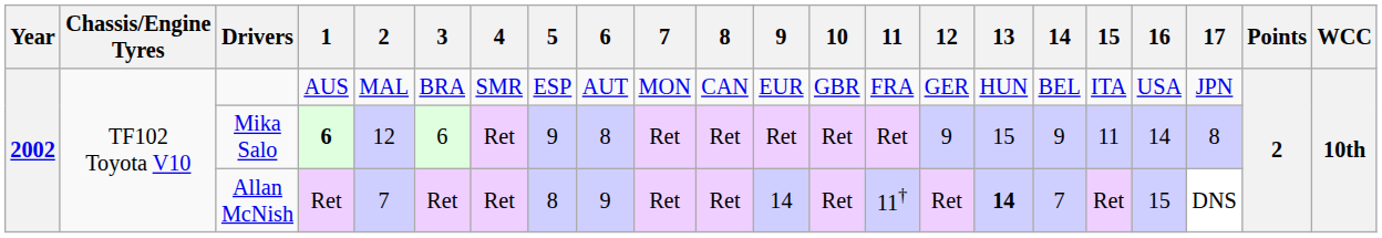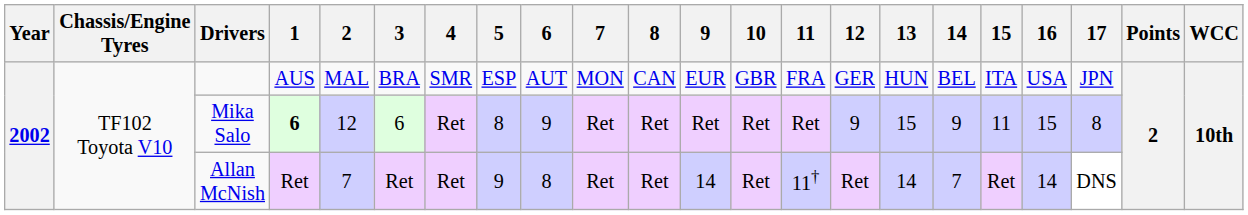 <table class="wikitable" style="text-align:center; font-size:95%">
 <tr>
 <th>Year</th>
 <th>Chassis/Engine<br>Tyres</th>
 <th>Drivers</th>
 <th>1</th>
 <th>2</th>
 <th>3</th>
 <th>4</th>
 <th>5</th>
 <th>6</th>
 <th>7</th>
 <th>8</th>
 <th>9</th>
 <th>10</th>
 <th>11</th>
 <th>12</th>
 <th>13</th>
 <th>14</th>
 <th>15</th>
 <th>16</th>
 <th>17</th>
 <th>Points</th>
 <th>WCC</th>
 </tr>
 <tr>
 <th rowspan="3"><a href='#'>2002</a></th>
 <td rowspan="3">TF102<br>Toyota <a href='#'>V10</a><br></td>
 <td></td>
 <td><a href='#'>AUS</a></td>
 <td><a href='#'>MAL</a></td>
 <td><a href='#'>BRA</a></td>
 <td><a href='#'>SMR</a></td>
 <td><a href='#'>ESP</a></td>
 <td><a href='#'>AUT</a></td>
 <td><a href='#'>MON</a></td>
 <td><a href='#'>CAN</a></td>
 <td><a href='#'>EUR</a></td>
 <td><a href='#'>GBR</a></td>
 <td><a href='#'>FRA</a></td>
 <td><a href='#'>GER</a></td>
 <td><a href='#'>HUN</a></td>
 <td><a href='#'>BEL</a></td>
 <td><a href='#'>ITA</a></td>
 <td><a href='#'>USA</a></td>
 <td><a href='#'>JPN</a></td>
 <th rowspan="3">2</th>
 <th rowspan="3">10th</th>
 </tr>
 <tr>
 <td> <a href='#'>Mika Salo</a></td>
 <td style="background:#DFFFDF;"><strong>6</strong></td>
 <td style="background:#CFCFFF;">12</td>
 <td style="background:#DFFFDF;">6</td>
 <td style="background:#EFCFFF;">Ret</td>
+<td style="background:#CFCFFF;">8</td>
 <td style="background:#CFCFFF;">9</td>
-<td style="background:#CFCFFF;">8</td>
 <td style="background:#EFCFFF;">Ret</td>
 <td style="background:#EFCFFF;">Ret</td>
 <td style="background:#EFCFFF;">Ret</td>
 <td style="background:#EFCFFF;">Ret</td>
 <td style="background:#EFCFFF;">Ret</td>
 <td style="background:#CFCFFF;">9</td>
 <td style="background:#CFCFFF;">15</td>
 <td style="background:#CFCFFF;">9</td>
 <td style="background:#CFCFFF;">11</td>
-<td style="background:#CFCFFF;">14</td>
+<td style="background:#CFCFFF;">15</td>
 <td style="background:#CFCFFF;">8</td>
 </tr>
 <tr>
 <td> <a href='#'>Allan McNish</a></td>
 <td style="background:#EFCFFF;">Ret</td>
 <td style="background:#CFCFFF;">7</td>
 <td style="background:#EFCFFF;">Ret</td>
 <td style="background:#EFCFFF;">Ret</td>
+<td style="background:#CFCFFF;">9</td>
 <td style="background:#CFCFFF;">8</td>
-<td style="background:#CFCFFF;">9</td>
 <td style="background:#EFCFFF;">Ret</td>
 <td style="background:#EFCFFF;">Ret</td>
 <td style="background:#CFCFFF;">14</td>
 <td style="background:#EFCFFF;">Ret</td>
 <td style="background:#CFCFFF;">11<sup>†</sup></td>
 <td style="background:#EFCFFF;">Ret</td>
-<td style="background:#CFCFFF;"><strong>14</strong></td>
+<td style="background:#CFCFFF;">14</td>
 <td style="background:#CFCFFF;">7</td>
 <td style="background:#EFCFFF;">Ret</td>
-<td style="background:#CFCFFF;">15</td>
+<td style="background:#CFCFFF;">14</td>
 <td style="background:#FFFFFF;">DNS</td>
 </tr>
 </table>
